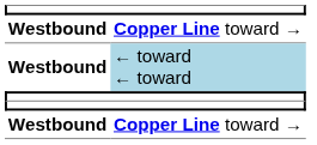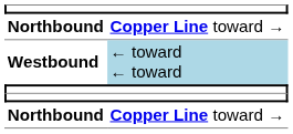 <table table border=0 cellspacing=0 cellpadding=3>
 <tr>
 <td style="border-bottom:solid 2px black;border-right:solid 2px black;border-left:solid 2px black;border-top:solid 1px gray;text-align:center" colspan=2></td>
 </tr>
 <tr>
-<td style="border-bottom:solid 1px gray"><strong>Westbound</strong></td>
+<td style="border-bottom:solid 1px gray"><strong>Northbound</strong></td>
 <td style="border-bottom:solid 1px gray">  <strong><a href='#'>Copper Line</a></strong> toward   →</td>
 </tr>
 <tr>
 <td><strong>Westbound</strong></td>
 <td style="background: lightblue;">← <strong></strong> toward  <br>← <strong></strong> toward  </td>
 </tr>
 <tr>
 <td style="border-top:solid 2px black;border-right:solid 2px black;border-left:solid 2px black;border-bottom:solid 1px gray;text-align:center" colspan=2></td>
 </tr>
 <tr>
 <td style="border-bottom:solid 2px black;border-right:solid 2px black;border-left:solid 2px black;text-align:center" colspan=2></td>
 </tr>
 <tr>
-<td style="border-bottom:solid 1px gray"><strong>Westbound</strong></td>
+<td style="border-bottom:solid 1px gray"><strong>Northbound</strong></td>
 <td style="border-bottom:solid 1px gray">  <strong><a href='#'>Copper Line</a></strong> toward   →</td>
 </tr>
 </table>
